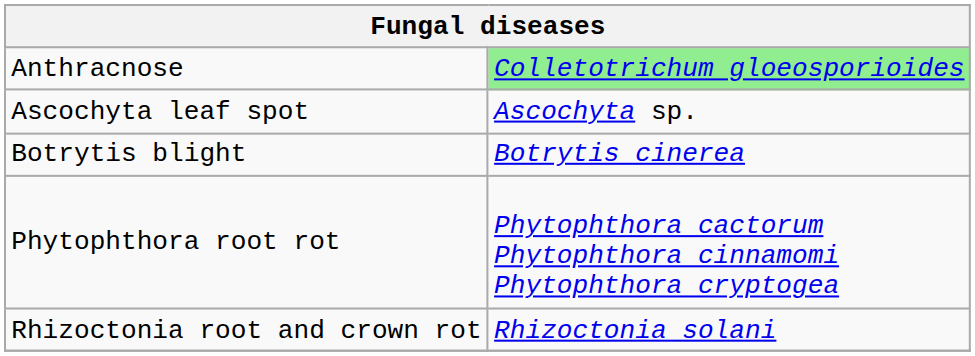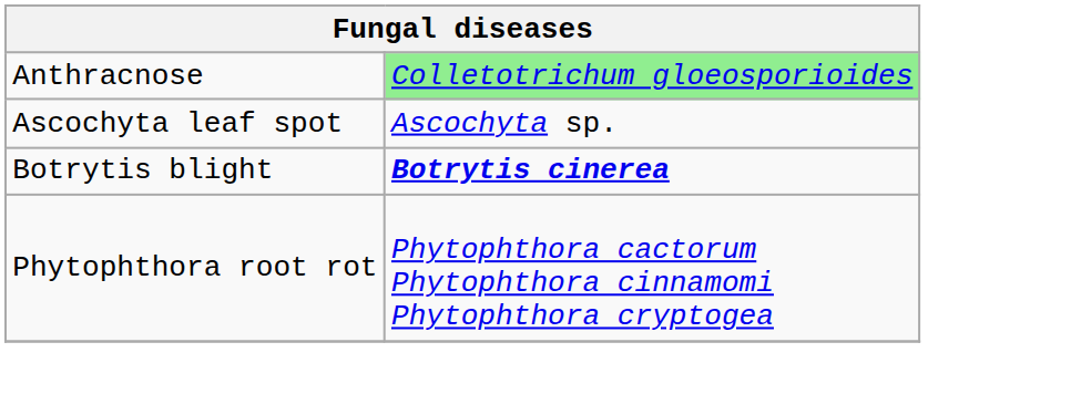 <table class="wikitable" style="clear:left">
 <tr>
 <th colspan=2><strong>Fungal diseases</strong><br></th>
 </tr>
 <tr>
 <td>Anthracnose</td>
 <td style="background: lightgreen;"><em><a href='#'>Colletotrichum gloeosporioides</a></em></td>
 </tr>
 <tr>
 <td>Ascochyta leaf spot</td>
 <td><em><a href='#'>Ascochyta</a></em> sp.</td>
 </tr>
 <tr>
 <td>Botrytis blight</td>
-<td><em><a href='#'>Botrytis cinerea</a></em></td>
+<td><strong><em><a href='#'>Botrytis cinerea</a></em></strong></td>
 </tr>
 <tr>
 <td>Phytophthora root rot</td>
 <td><br><em><a href='#'>Phytophthora cactorum</a></em><br> <em><a href='#'>Phytophthora cinnamomi</a></em><br> <em><a href='#'>Phytophthora cryptogea</a></em></td>
 </tr>
 <tr>
-<td>Rhizoctonia root and crown rot</td>
-<td><em><a href='#'>Rhizoctonia solani</a></em></td>
-</tr>
-<tr>
 </tr>
 </table>
